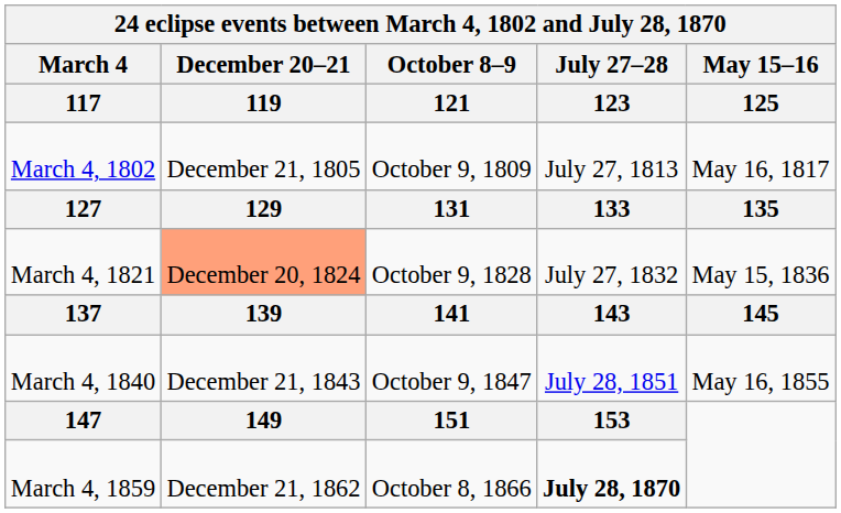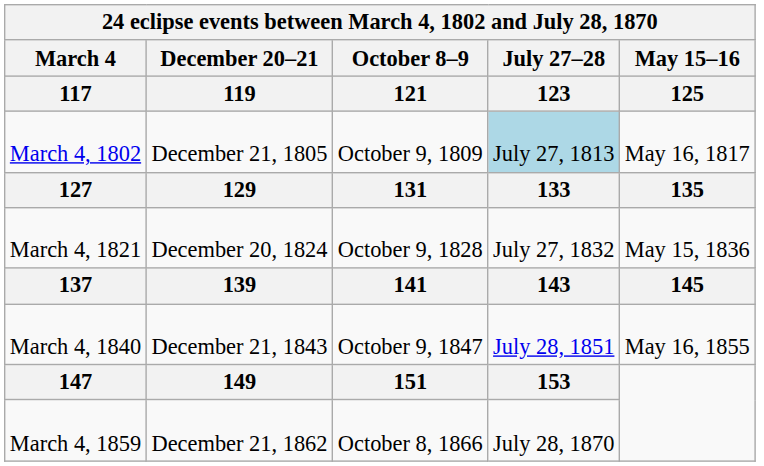 <table class="wikitable mw-collapsible mw-collapsed">
 <tr>
 <th colspan=5>24 eclipse events between March 4, 1802 and July 28, 1870</th>
 </tr>
 <tr>
 <th>March 4</th>
 <th>December 20–21</th>
 <th>October 8–9</th>
 <th>July 27–28</th>
 <th>May 15–16</th>
 </tr>
 <tr>
 <th>117</th>
 <th>119</th>
 <th>121</th>
 <th>123</th>
 <th>125</th>
 </tr>
 <tr style="text-align:center;">
 <td><br><a href='#'>March 4, 1802</a></td>
 <td><br>December 21, 1805</td>
 <td><br>October 9, 1809</td>
-<td><br>July 27, 1813</td>
+<td style="background: lightblue;"><br>July 27, 1813</td>
 <td><br>May 16, 1817</td>
 </tr>
 <tr>
 <th>127</th>
 <th>129</th>
 <th>131</th>
 <th>133</th>
 <th>135</th>
 </tr>
 <tr style="text-align:center;">
 <td><br>March 4, 1821</td>
-<td style="background: lightsalmon;"><br>December 20, 1824</td>
+<td><br>December 20, 1824</td>
 <td><br>October 9, 1828</td>
 <td><br>July 27, 1832</td>
 <td><br>May 15, 1836</td>
 </tr>
 <tr>
 <th>137</th>
 <th>139</th>
 <th>141</th>
 <th>143</th>
 <th>145</th>
 </tr>
 <tr style="text-align:center;">
 <td><br>March 4, 1840</td>
 <td><br>December 21, 1843</td>
 <td><br>October 9, 1847</td>
 <td><br><a href='#'>July 28, 1851</a></td>
 <td><br>May 16, 1855</td>
 </tr>
 <tr>
 <th>147</th>
 <th>149</th>
 <th>151</th>
 <th>153</th>
 </tr>
 <tr style="text-align:center;">
 <td><br>March 4, 1859</td>
 <td><br>December 21, 1862</td>
 <td><br>October 8, 1866</td>
-<td><strong><br>July 28, 1870</strong></td>
+<td><br>July 28, 1870</td>
 </tr>
 </table>
